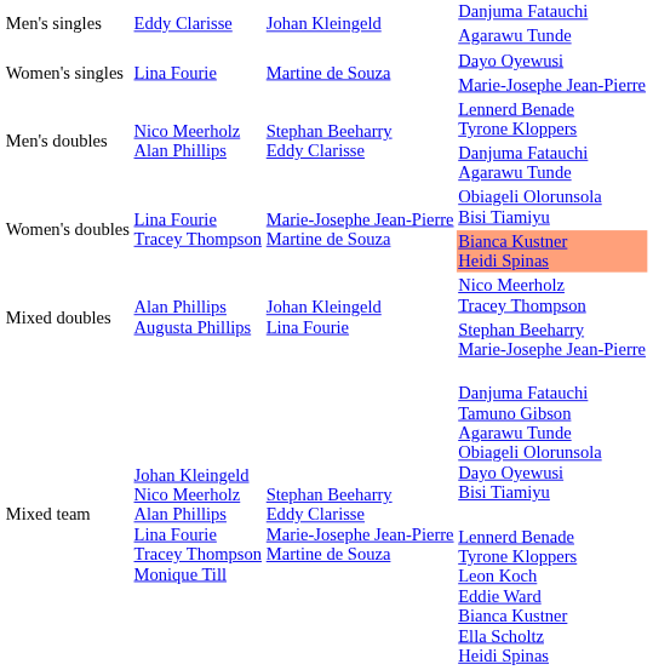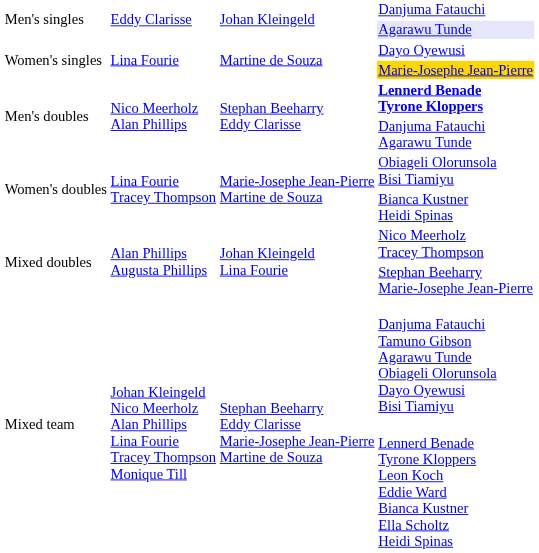 <table>
 <tr>
 <td rowspan=2>Men's singles</td>
 <td rowspan=2> <a href='#'>Eddy Clarisse</a></td>
 <td rowspan=2> <a href='#'>Johan Kleingeld</a></td>
 <td> <a href='#'>Danjuma Fatauchi</a></td>
 </tr>
 <tr>
-<td> <a href='#'>Agarawu Tunde</a></td>
+<td style="background: lavender;"> <a href='#'>Agarawu Tunde</a></td>
 </tr>
 <tr>
 <td rowspan=2>Women's singles</td>
 <td rowspan=2> <a href='#'>Lina Fourie</a></td>
 <td rowspan=2> <a href='#'>Martine de Souza</a></td>
 <td> <a href='#'>Dayo Oyewusi</a></td>
 </tr>
 <tr>
-<td> <a href='#'>Marie-Josephe Jean-Pierre</a></td>
+<td style="background: gold;"> <a href='#'>Marie-Josephe Jean-Pierre</a></td>
 </tr>
 <tr>
 <td rowspan=2>Men's doubles</td>
 <td rowspan=2> <a href='#'>Nico Meerholz</a> <br> <a href='#'>Alan Phillips</a></td>
 <td rowspan=2> <a href='#'>Stephan Beeharry</a> <br> <a href='#'>Eddy Clarisse</a></td>
-<td> <a href='#'>Lennerd Benade</a> <br> <a href='#'>Tyrone Kloppers</a></td>
+<td><strong> <a href='#'>Lennerd Benade</a> <br> <a href='#'>Tyrone Kloppers</a></strong></td>
 </tr>
 <tr>
 <td> <a href='#'>Danjuma Fatauchi</a> <br> <a href='#'>Agarawu Tunde</a></td>
 </tr>
 <tr>
 <td rowspan=2>Women's doubles</td>
 <td rowspan=2> <a href='#'>Lina Fourie</a> <br> <a href='#'>Tracey Thompson</a></td>
 <td rowspan=2> <a href='#'>Marie-Josephe Jean-Pierre</a> <br> <a href='#'>Martine de Souza</a></td>
 <td> <a href='#'>Obiageli Olorunsola</a> <br> <a href='#'>Bisi Tiamiyu</a></td>
 </tr>
 <tr>
-<td style="background: lightsalmon;"> <a href='#'>Bianca Kustner</a> <br> <a href='#'>Heidi Spinas</a></td>
+<td> <a href='#'>Bianca Kustner</a> <br> <a href='#'>Heidi Spinas</a></td>
 </tr>
 <tr>
 <td rowspan=2>Mixed doubles</td>
 <td rowspan=2> <a href='#'>Alan Phillips</a> <br> <a href='#'>Augusta Phillips</a></td>
 <td rowspan=2> <a href='#'>Johan Kleingeld</a> <br> <a href='#'>Lina Fourie</a></td>
 <td> <a href='#'>Nico Meerholz</a> <br> <a href='#'>Tracey Thompson</a></td>
 </tr>
 <tr>
 <td> <a href='#'>Stephan Beeharry</a> <br> <a href='#'>Marie-Josephe Jean-Pierre</a></td>
 </tr>
 <tr>
 <td rowspan=2>Mixed team</td>
 <td rowspan=2><br><a href='#'>Johan Kleingeld</a><br><a href='#'>Nico Meerholz</a><br><a href='#'>Alan Phillips</a><br><a href='#'>Lina Fourie</a><br><a href='#'>Tracey Thompson</a><br><a href='#'>Monique Till</a></td>
 <td rowspan=2><br><a href='#'>Stephan Beeharry</a><br><a href='#'>Eddy Clarisse</a><br><a href='#'>Marie-Josephe Jean-Pierre</a><br><a href='#'>Martine de Souza</a></td>
 <td><br><a href='#'>Danjuma Fatauchi</a><br><a href='#'>Tamuno Gibson</a><br><a href='#'>Agarawu Tunde</a><br><a href='#'>Obiageli Olorunsola</a><br><a href='#'>Dayo Oyewusi</a><br><a href='#'>Bisi Tiamiyu</a></td>
 </tr>
 <tr>
 <td><br><a href='#'>Lennerd Benade</a><br><a href='#'>Tyrone Kloppers</a><br><a href='#'>Leon Koch</a><br><a href='#'>Eddie Ward</a><br><a href='#'>Bianca Kustner</a><br><a href='#'>Ella Scholtz</a><br><a href='#'>Heidi Spinas</a></td>
 </tr>
 </table>
